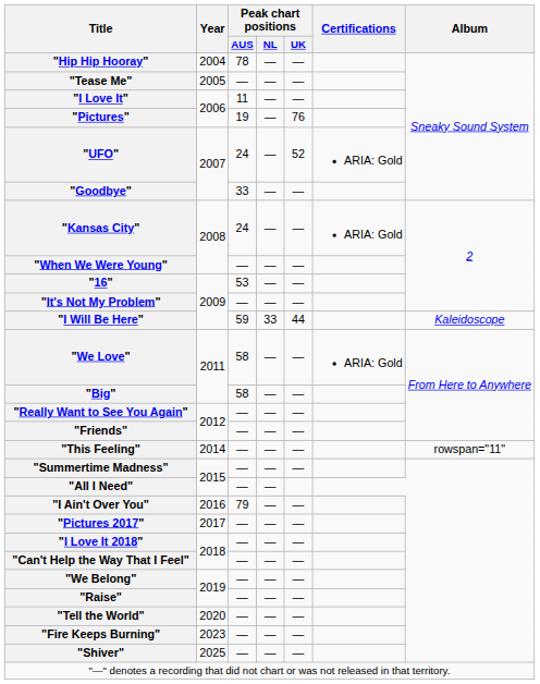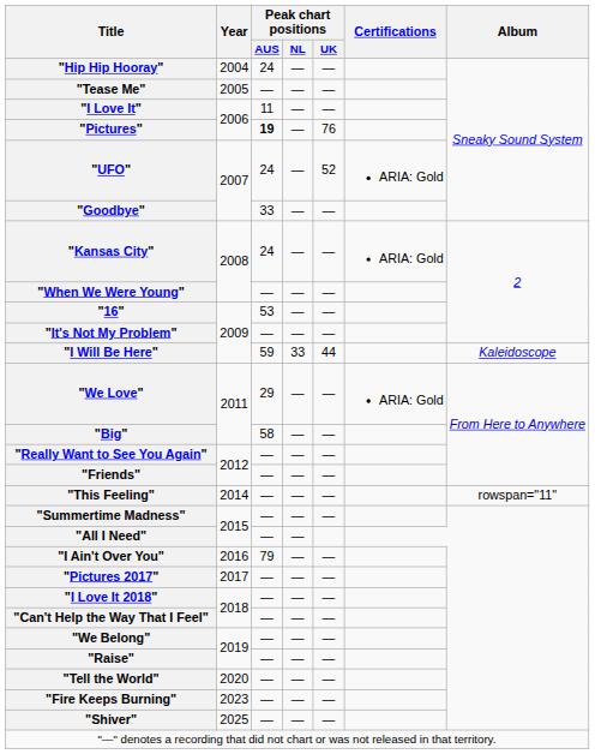 <table class="wikitable plainrowheaders" style="text-align:center;">
 <tr>
 <th scope="col" rowspan="2" style="width:16em;">Title</th>
 <th scope="col" rowspan="2">Year</th>
 <th scope="col" colspan="3">Peak chart positions</th>
 <th scope="col" rowspan="2"><a href='#'>Certifications</a></th>
 <th scope="col" rowspan="2">Album</th>
 </tr>
 <tr>
 <th scope="col" style="width:2.2em;font-size:90%;"><a href='#'>AUS</a><br></th>
 <th scope="col" style="width:2.2em;font-size:90%;"><a href='#'>NL</a><br></th>
 <th scope="col" style="width:2.2em;font-size:90%;"><a href='#'>UK</a><br></th>
 </tr>
 <tr>
 <th scope="row">"<a href='#'>Hip Hip Hooray</a>"</th>
 <td>2004</td>
-<td>78</td>
+<td>24</td>
 <td>—</td>
 <td>—</td>
 <td></td>
 <td rowspan="6"><em><a href='#'>Sneaky Sound System</a></em></td>
 </tr>
 <tr>
 <th scope="row">"Tease Me"</th>
 <td>2005</td>
 <td>—</td>
 <td>—</td>
 <td>—</td>
 <td></td>
 </tr>
 <tr>
 <th scope="row">"<a href='#'>I Love It</a>"</th>
 <td rowspan="2">2006</td>
 <td>11</td>
 <td>—</td>
 <td>—</td>
 <td></td>
 </tr>
 <tr>
 <th scope="row">"<a href='#'>Pictures</a>"</th>
-<td>19</td>
+<td><strong>19</strong></td>
 <td>—</td>
 <td>76</td>
 <td></td>
 </tr>
 <tr>
 <th scope="row">"<a href='#'>UFO</a>"</th>
 <td rowspan="2">2007</td>
 <td>24</td>
 <td>—</td>
 <td>52</td>
 <td><br><ul><li>ARIA: Gold</li></ul></td>
 </tr>
 <tr>
 <th scope="row">"<a href='#'>Goodbye</a>"</th>
 <td>33</td>
 <td>—</td>
 <td>—</td>
 <td></td>
 </tr>
 <tr>
 <th scope="row">"<a href='#'>Kansas City</a>"</th>
 <td rowspan="2">2008</td>
 <td>24</td>
 <td>—</td>
 <td>—</td>
 <td><br><ul><li>ARIA: Gold</li></ul></td>
 <td rowspan="4"><em><a href='#'>2</a></em></td>
 </tr>
 <tr>
 <th scope="row">"<a href='#'>When We Were Young</a>"</th>
 <td>—</td>
 <td>—</td>
 <td>—</td>
 <td></td>
 </tr>
 <tr>
 <th scope="row">"<a href='#'>16</a>"</th>
 <td rowspan="3">2009</td>
 <td>53</td>
 <td>—</td>
 <td>—</td>
 <td></td>
 </tr>
 <tr>
 <th scope="row">"<a href='#'>It's Not My Problem</a>"</th>
 <td>—</td>
 <td>—</td>
 <td>—</td>
 <td></td>
 </tr>
 <tr>
 <th scope="row">"<a href='#'>I Will Be Here</a>"<br></th>
 <td>59</td>
 <td>33</td>
 <td>44</td>
 <td></td>
 <td><em><a href='#'>Kaleidoscope</a></em></td>
 </tr>
 <tr>
 <th scope="row">"<a href='#'>We Love</a>"</th>
 <td rowspan="2">2011</td>
-<td>58</td>
+<td>29</td>
 <td>—</td>
 <td>—</td>
 <td><br><ul><li>ARIA: Gold</li></ul></td>
 <td rowspan="4"><em><a href='#'>From Here to Anywhere</a></em></td>
 </tr>
 <tr>
 <th scope="row">"<a href='#'>Big</a>"</th>
 <td>58</td>
 <td>—</td>
 <td>—</td>
 <td></td>
 </tr>
 <tr>
 <th scope="row">"<a href='#'>Really Want to See You Again</a>"</th>
 <td rowspan="2">2012</td>
 <td>—</td>
 <td>—</td>
 <td>—</td>
 <td></td>
 </tr>
 <tr>
 <th scope="row">"Friends"</th>
 <td>—</td>
 <td>—</td>
 <td>—</td>
 <td></td>
 </tr>
 <tr>
 <th scope="row">"This Feeling"<br></th>
 <td>2014</td>
 <td>—</td>
 <td>—</td>
 <td>—</td>
 <td></td>
 <td>rowspan="11" </td>
 </tr>
 <tr>
 <th scope="row">"Summertime Madness"</th>
 <td rowspan="2">2015</td>
 <td>—</td>
 <td>—</td>
 <td>—</td>
 <td></td>
 </tr>
 <tr>
 <th scope="row">"All I Need"</th>
 <td>—</td>
 <td>—</td>
 <td></td>
 </tr>
 <tr>
 <th scope="row">"I Ain't Over You"</th>
 <td>2016</td>
 <td>79</td>
 <td>—</td>
 <td>—</td>
 <td></td>
 </tr>
 <tr>
 <th scope="row">"<a href='#'>Pictures 2017</a>"</th>
 <td>2017</td>
 <td>—</td>
 <td>—</td>
 <td>—</td>
 <td></td>
 </tr>
 <tr>
 <th scope="row">"<a href='#'>I Love It 2018</a>"</th>
 <td rowspan="2">2018</td>
 <td>—</td>
 <td>—</td>
 <td>—</td>
 <td></td>
 </tr>
 <tr>
 <th scope="row">"Can't Help the Way That I Feel"</th>
 <td>—</td>
 <td>—</td>
 <td>—</td>
 <td></td>
 </tr>
 <tr>
 <th scope="row">"We Belong"</th>
 <td rowspan="2">2019</td>
 <td>—</td>
 <td>—</td>
 <td>—</td>
 <td></td>
 </tr>
 <tr>
 <th scope="row">"Raise"<br></th>
 <td>—</td>
 <td>—</td>
 <td>—</td>
 <td></td>
 </tr>
 <tr>
 <th scope="row">"Tell the World"<br></th>
 <td>2020</td>
 <td>—</td>
 <td>—</td>
 <td>—</td>
 <td></td>
 </tr>
 <tr>
 <th scope="row">"Fire Keeps Burning"<br></th>
 <td>2023</td>
 <td>—</td>
 <td>—</td>
 <td>—</td>
 <td></td>
 </tr>
 <tr>
 <th scope="row">"Shiver"</th>
 <td>2025</td>
 <td>—</td>
 <td>—</td>
 <td>—</td>
 <td></td>
 </tr>
 <tr>
 <td colspan="7" style="font-size:90%">"—" denotes a recording that did not chart or was not released in that territory.</td>
 </tr>
 </table>
